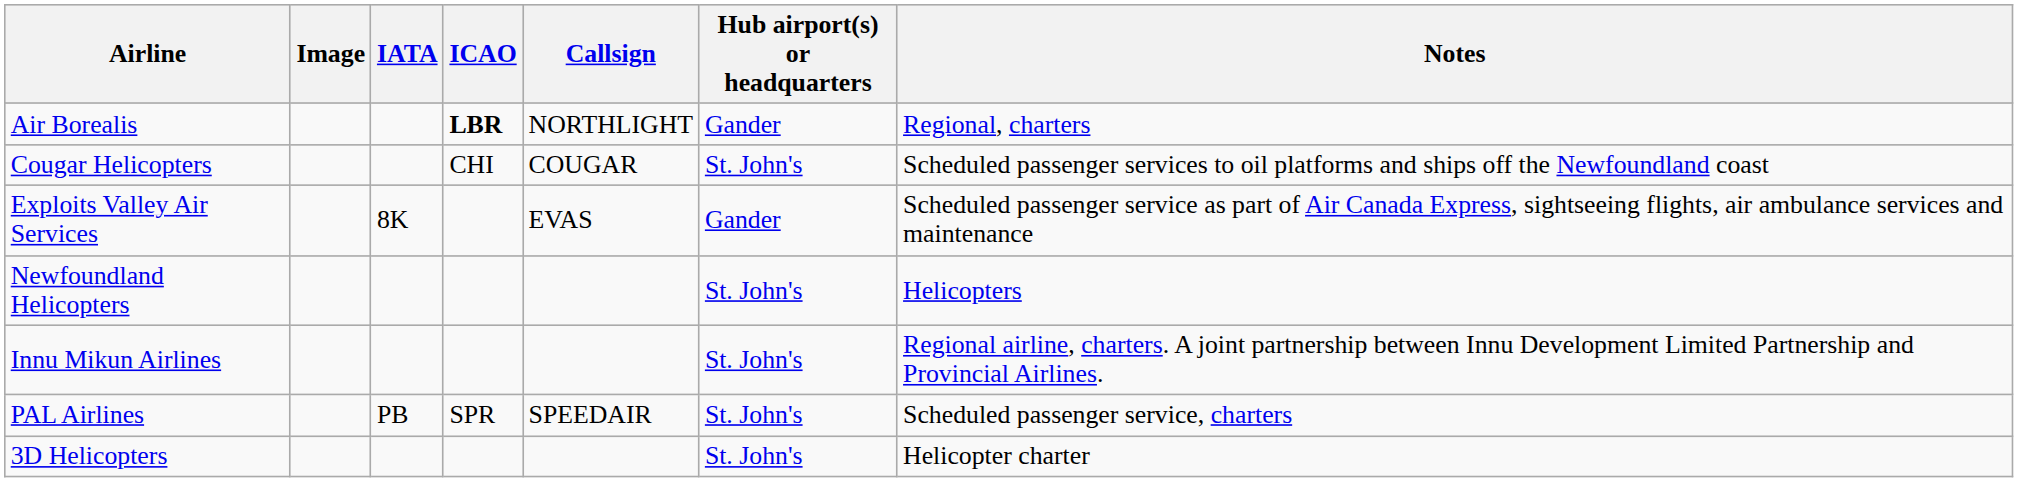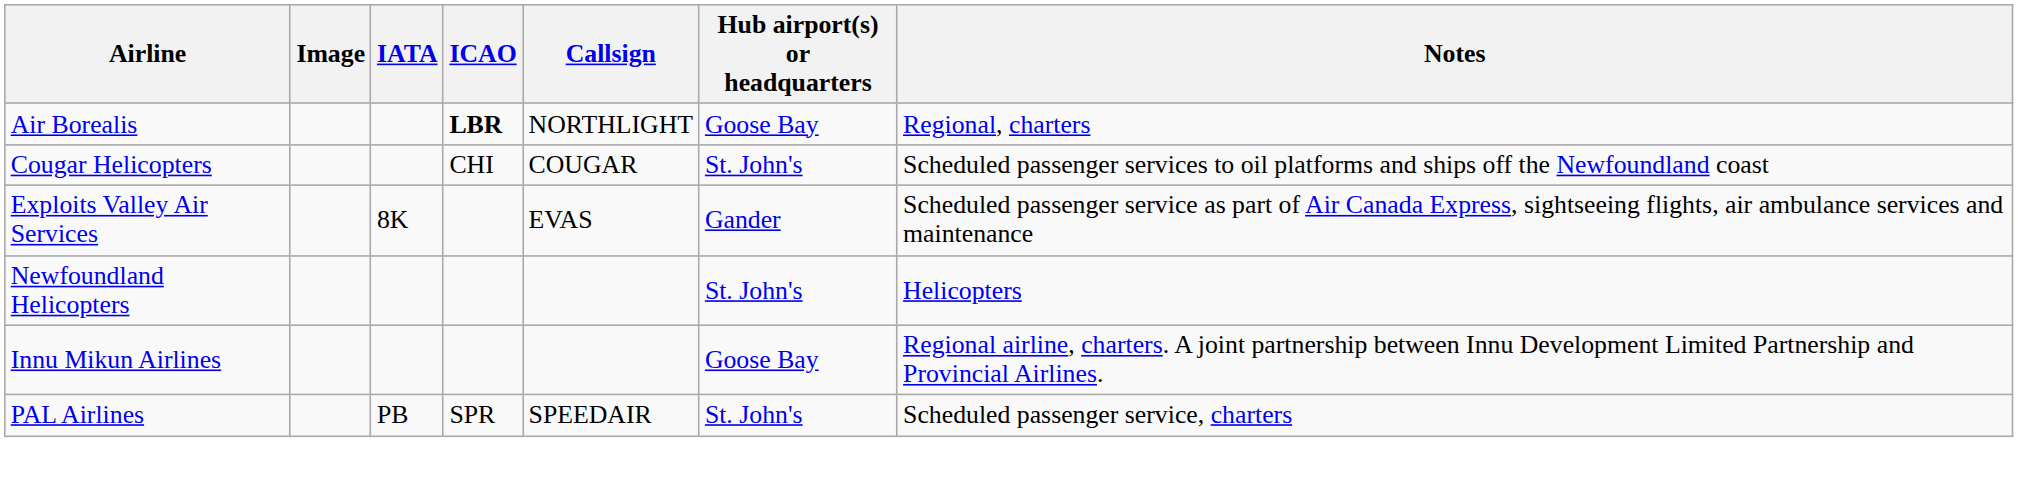 <table class="wikitable sortable" style="border: 0; cellpadding: 2; cellspacing: 3;">
 <tr style="vertical-align:middle;">
 <th>Airline</th>
 <th>Image</th>
 <th><a href='#'>IATA</a></th>
 <th><a href='#'>ICAO</a></th>
 <th><a href='#'>Callsign</a></th>
 <th>Hub airport(s) or<br>headquarters</th>
 <th class="unsortable">Notes</th>
 </tr>
 <tr>
 <td><a href='#'>Air Borealis</a></td>
 <td></td>
 <td></td>
 <td><strong>LBR</strong></td>
 <td>NORTHLIGHT</td>
-<td><a href='#'>Gander</a></td>
+<td><a href='#'>Goose Bay</a></td>
 <td><a href='#'>Regional</a>, <a href='#'>charters</a></td>
 </tr>
 <tr>
 <td><a href='#'>Cougar Helicopters</a></td>
 <td></td>
 <td></td>
 <td>CHI</td>
 <td>COUGAR</td>
 <td><a href='#'>St. John's</a></td>
 <td>Scheduled passenger services to oil platforms and ships off the <a href='#'>Newfoundland</a> coast</td>
 </tr>
 <tr>
 <td><a href='#'>Exploits Valley Air Services</a></td>
 <td></td>
 <td>8K</td>
 <td></td>
 <td>EVAS</td>
 <td><a href='#'>Gander</a></td>
 <td>Scheduled passenger service as part of <a href='#'>Air Canada Express</a>, sightseeing flights, air ambulance services and maintenance</td>
 </tr>
 <tr>
 <td><a href='#'>Newfoundland Helicopters</a></td>
 <td></td>
 <td></td>
 <td></td>
 <td></td>
 <td><a href='#'>St. John's</a></td>
 <td><a href='#'>Helicopters</a></td>
 </tr>
 <tr>
 <td><a href='#'>Innu Mikun Airlines</a></td>
 <td></td>
 <td></td>
 <td></td>
 <td></td>
-<td><a href='#'>St. John's</a></td>
+<td><a href='#'>Goose Bay</a></td>
 <td><a href='#'>Regional airline</a>, <a href='#'>charters</a>. A joint partnership between Innu Development Limited Partnership and <a href='#'>Provincial Airlines</a>.</td>
 </tr>
 <tr>
 <td><a href='#'>PAL Airlines</a></td>
 <td></td>
 <td>PB</td>
 <td>SPR</td>
 <td>SPEEDAIR</td>
 <td><a href='#'>St. John's</a></td>
 <td>Scheduled passenger service, <a href='#'>charters</a></td>
 </tr>
-<tr>
-<td><a href='#'>3D Helicopters</a></td>
-<td></td>
-<td></td>
-<td></td>
-<td></td>
-<td><a href='#'>St. John's</a></td>
-<td>Helicopter charter</td>
-</tr>
 </table>
